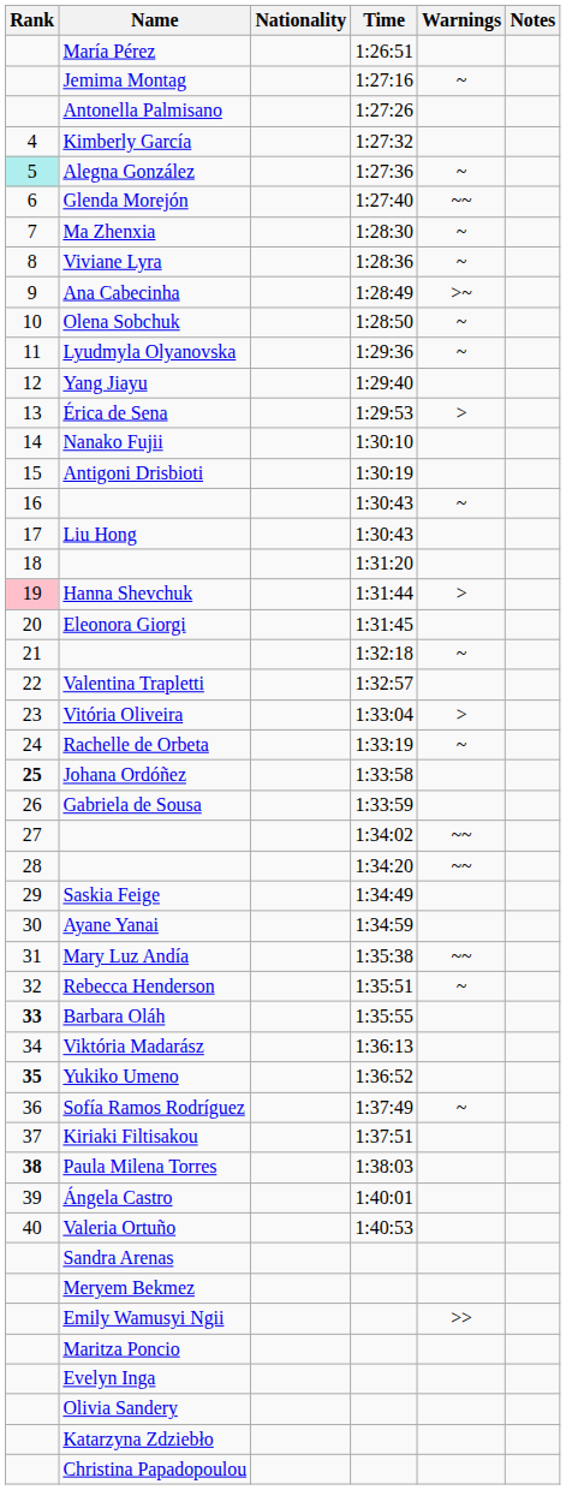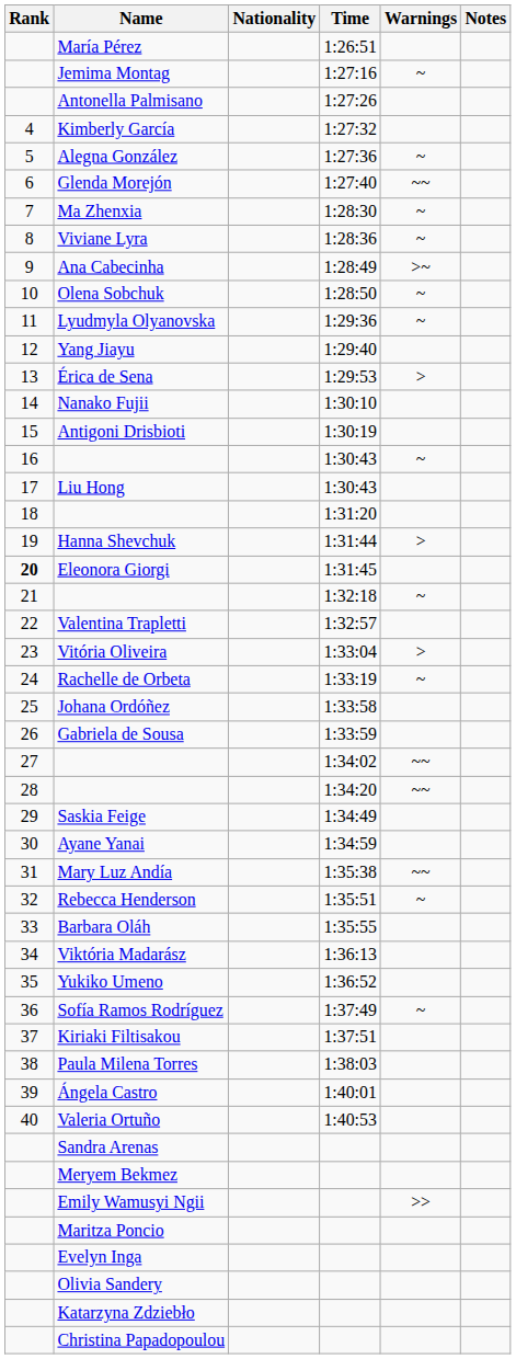 <table class="wikitable sortable" style="text-align:center">
 <tr>
 <th>Rank</th>
 <th>Name</th>
 <th>Nationality</th>
 <th>Time</th>
 <th>Warnings</th>
 <th>Notes</th>
 </tr>
 <tr>
 <td></td>
 <td align=left><a href='#'>María Pérez</a></td>
 <td align=left></td>
 <td>1:26:51</td>
 <td></td>
 <td></td>
 </tr>
 <tr>
 <td></td>
 <td align=left><a href='#'>Jemima Montag</a></td>
 <td align=left></td>
 <td>1:27:16</td>
 <td>~</td>
 <td></td>
 </tr>
 <tr>
 <td></td>
 <td align=left><a href='#'>Antonella Palmisano</a></td>
 <td align=left></td>
 <td>1:27:26</td>
 <td></td>
 <td></td>
 </tr>
 <tr>
 <td>4</td>
 <td align=left><a href='#'>Kimberly García</a></td>
 <td align=left></td>
 <td>1:27:32</td>
 <td></td>
 <td></td>
 </tr>
 <tr>
-<td style="background: paleturquoise;">5</td>
+<td>5</td>
 <td align=left><a href='#'>Alegna González</a></td>
 <td align=left></td>
 <td>1:27:36</td>
 <td>~</td>
 <td></td>
 </tr>
 <tr>
 <td>6</td>
 <td align=left><a href='#'>Glenda Morejón</a></td>
 <td align=left></td>
 <td>1:27:40</td>
 <td>~~</td>
 <td></td>
 </tr>
 <tr>
 <td>7</td>
 <td align=left><a href='#'>Ma Zhenxia</a></td>
 <td align=left></td>
 <td>1:28:30</td>
 <td>~</td>
 <td></td>
 </tr>
 <tr>
 <td>8</td>
 <td align=left><a href='#'>Viviane Lyra</a></td>
 <td align=left></td>
 <td>1:28:36</td>
 <td>~</td>
 <td></td>
 </tr>
 <tr>
 <td>9</td>
 <td align=left><a href='#'>Ana Cabecinha</a></td>
 <td align=left></td>
 <td>1:28:49</td>
 <td>>~</td>
 <td></td>
 </tr>
 <tr>
 <td>10</td>
 <td align=left><a href='#'>Olena Sobchuk</a></td>
 <td align=left></td>
 <td>1:28:50</td>
 <td>~</td>
 <td></td>
 </tr>
 <tr>
 <td>11</td>
 <td align=left><a href='#'>Lyudmyla Olyanovska</a></td>
 <td align=left></td>
 <td>1:29:36</td>
 <td>~</td>
 <td></td>
 </tr>
 <tr>
 <td>12</td>
 <td align=left><a href='#'>Yang Jiayu</a></td>
 <td align=left></td>
 <td>1:29:40</td>
 <td></td>
 <td></td>
 </tr>
 <tr>
 <td>13</td>
 <td align=left><a href='#'>Érica de Sena</a></td>
 <td align=left></td>
 <td>1:29:53</td>
 <td>></td>
 <td></td>
 </tr>
 <tr>
 <td>14</td>
 <td align=left><a href='#'>Nanako Fujii</a></td>
 <td align=left></td>
 <td>1:30:10</td>
 <td></td>
 <td></td>
 </tr>
 <tr>
 <td>15</td>
 <td align=left><a href='#'>Antigoni Drisbioti</a></td>
 <td align=left></td>
 <td>1:30:19</td>
 <td></td>
 <td></td>
 </tr>
 <tr>
 <td>16</td>
 <td align=left></td>
 <td align=left></td>
 <td>1:30:43</td>
 <td>~</td>
 <td></td>
 </tr>
 <tr>
 <td>17</td>
 <td align=left><a href='#'>Liu Hong</a></td>
 <td align=left></td>
 <td>1:30:43</td>
 <td></td>
 <td></td>
 </tr>
 <tr>
 <td>18</td>
 <td align=left></td>
 <td align=left></td>
 <td>1:31:20</td>
 <td></td>
 <td></td>
 </tr>
 <tr>
-<td style="background: pink;">19</td>
+<td>19</td>
 <td align=left><a href='#'>Hanna Shevchuk</a></td>
 <td align=left></td>
 <td>1:31:44</td>
 <td>></td>
 <td></td>
 </tr>
 <tr>
-<td>20</td>
+<td><strong>20</strong></td>
 <td align=left><a href='#'>Eleonora Giorgi</a></td>
 <td align=left></td>
 <td>1:31:45</td>
 <td></td>
 <td></td>
 </tr>
 <tr>
 <td>21</td>
 <td align=left></td>
 <td align=left></td>
 <td>1:32:18</td>
 <td>~</td>
 <td></td>
 </tr>
 <tr>
 <td>22</td>
 <td align=left><a href='#'>Valentina Trapletti</a></td>
 <td align=left></td>
 <td>1:32:57</td>
 <td></td>
 <td></td>
 </tr>
 <tr>
 <td>23</td>
 <td align=left><a href='#'>Vitória Oliveira</a></td>
 <td align=left></td>
 <td>1:33:04</td>
 <td>></td>
 <td></td>
 </tr>
 <tr>
 <td>24</td>
 <td align=left><a href='#'>Rachelle de Orbeta</a></td>
 <td align=left></td>
 <td>1:33:19</td>
 <td>~</td>
 <td></td>
 </tr>
 <tr>
-<td><strong>25</strong></td>
+<td>25</td>
 <td align=left><a href='#'>Johana Ordóñez</a></td>
 <td align=left></td>
 <td>1:33:58</td>
 <td></td>
 <td></td>
 </tr>
 <tr>
 <td>26</td>
 <td align=left><a href='#'>Gabriela de Sousa</a></td>
 <td align=left></td>
 <td>1:33:59</td>
 <td></td>
 <td></td>
 </tr>
 <tr>
 <td>27</td>
 <td align=left></td>
 <td align=left></td>
 <td>1:34:02</td>
 <td>~~</td>
 <td></td>
 </tr>
 <tr>
 <td>28</td>
 <td align=left></td>
 <td align=left></td>
 <td>1:34:20</td>
 <td>~~</td>
 <td></td>
 </tr>
 <tr>
 <td>29</td>
 <td align=left><a href='#'>Saskia Feige</a></td>
 <td align=left></td>
 <td>1:34:49</td>
 <td></td>
 <td></td>
 </tr>
 <tr>
 <td>30</td>
 <td align=left><a href='#'>Ayane Yanai</a></td>
 <td align=left></td>
 <td>1:34:59</td>
 <td></td>
 <td></td>
 </tr>
 <tr>
 <td>31</td>
 <td align=left><a href='#'>Mary Luz Andía</a></td>
 <td align=left></td>
 <td>1:35:38</td>
 <td>~~</td>
 <td></td>
 </tr>
 <tr>
 <td>32</td>
 <td align=left><a href='#'>Rebecca Henderson</a></td>
 <td align=left></td>
 <td>1:35:51</td>
 <td>~</td>
 <td></td>
 </tr>
 <tr>
-<td><strong>33</strong></td>
+<td>33</td>
 <td align=left><a href='#'>Barbara Oláh</a></td>
 <td align=left></td>
 <td>1:35:55</td>
 <td></td>
 <td></td>
 </tr>
 <tr>
 <td>34</td>
 <td align=left><a href='#'>Viktória Madarász</a></td>
 <td align=left></td>
 <td>1:36:13</td>
 <td></td>
 <td></td>
 </tr>
 <tr>
-<td><strong>35</strong></td>
+<td>35</td>
 <td align=left><a href='#'>Yukiko Umeno</a></td>
 <td align=left></td>
 <td>1:36:52</td>
 <td></td>
 <td></td>
 </tr>
 <tr>
 <td>36</td>
 <td align=left><a href='#'>Sofía Ramos Rodríguez</a></td>
 <td align=left></td>
 <td>1:37:49</td>
 <td>~</td>
 <td></td>
 </tr>
 <tr>
 <td>37</td>
 <td align=left><a href='#'>Kiriaki Filtisakou</a></td>
 <td align=left></td>
 <td>1:37:51</td>
 <td></td>
 <td></td>
 </tr>
 <tr>
-<td><strong>38</strong></td>
+<td>38</td>
 <td align=left><a href='#'>Paula Milena Torres</a></td>
 <td align=left></td>
 <td>1:38:03</td>
 <td></td>
 <td></td>
 </tr>
 <tr>
 <td>39</td>
 <td align=left><a href='#'>Ángela Castro</a></td>
 <td align=left></td>
 <td>1:40:01</td>
 <td></td>
 <td></td>
 </tr>
 <tr>
 <td>40</td>
 <td align=left><a href='#'>Valeria Ortuño</a></td>
 <td align=left></td>
 <td>1:40:53</td>
 <td></td>
 <td></td>
 </tr>
 <tr>
 <td></td>
 <td align=left><a href='#'>Sandra Arenas</a></td>
 <td align=left></td>
 <td></td>
 <td></td>
 <td></td>
 </tr>
 <tr>
 <td></td>
 <td align=left><a href='#'>Meryem Bekmez</a></td>
 <td align=left></td>
 <td></td>
 <td></td>
 <td></td>
 </tr>
 <tr>
 <td></td>
 <td align=left><a href='#'>Emily Wamusyi Ngii</a></td>
 <td align=left></td>
 <td></td>
 <td>>></td>
 <td></td>
 </tr>
 <tr>
 <td></td>
 <td align=left><a href='#'>Maritza Poncio</a></td>
 <td align=left></td>
 <td></td>
 <td></td>
 <td></td>
 </tr>
 <tr>
 <td></td>
 <td align=left><a href='#'>Evelyn Inga</a></td>
 <td align=left></td>
 <td></td>
 <td></td>
 <td></td>
 </tr>
 <tr>
 <td></td>
 <td align=left><a href='#'>Olivia Sandery</a></td>
 <td align=left></td>
 <td></td>
 <td></td>
 <td></td>
 </tr>
 <tr>
 <td></td>
 <td align=left><a href='#'>Katarzyna Zdziebło</a></td>
 <td align=left></td>
 <td></td>
 <td></td>
 <td></td>
 </tr>
 <tr>
 <td></td>
 <td align=left><a href='#'>Christina Papadopoulou</a></td>
 <td align=left></td>
 <td></td>
 <td></td>
 <td></td>
 </tr>
 </table>
